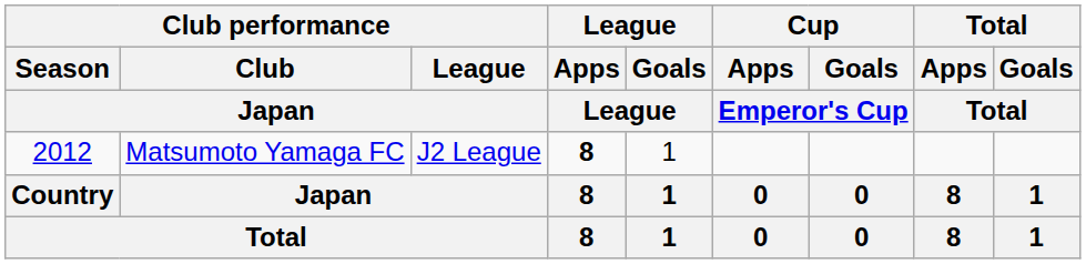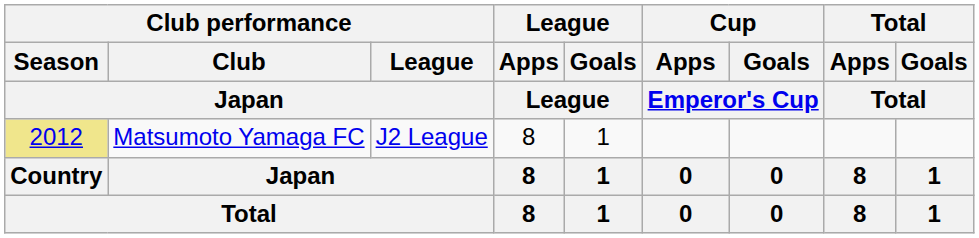 <table class="wikitable" style="text-align:center;">
 <tr>
 <th colspan=3>Club performance</th>
 <th colspan=2>League</th>
 <th colspan=2>Cup</th>
 <th colspan=2>Total</th>
 </tr>
 <tr>
 <th>Season</th>
 <th>Club</th>
 <th>League</th>
 <th>Apps</th>
 <th>Goals</th>
 <th>Apps</th>
 <th>Goals</th>
 <th>Apps</th>
 <th>Goals</th>
 </tr>
 <tr>
 <th colspan=3>Japan</th>
 <th colspan=2>League</th>
 <th colspan=2><a href='#'>Emperor's Cup</a></th>
 <th colspan=2>Total</th>
 </tr>
 <tr>
-<td><a href='#'>2012</a></td>
+<td style="background: khaki;"><a href='#'>2012</a></td>
 <td><a href='#'>Matsumoto Yamaga FC</a></td>
 <td><a href='#'>J2 League</a></td>
-<td><strong>8</strong></td>
+<td>8</td>
 <td>1</td>
 <td></td>
 <td></td>
 <td></td>
 <td></td>
 </tr>
 <tr>
 <th rowspan=1>Country</th>
 <th colspan=2>Japan</th>
 <th>8</th>
 <th>1</th>
 <th>0</th>
 <th>0</th>
 <th>8</th>
 <th>1</th>
 </tr>
 <tr>
 <th colspan=3>Total</th>
 <th>8</th>
 <th>1</th>
 <th>0</th>
 <th>0</th>
 <th>8</th>
 <th>1</th>
 </tr>
 </table>
